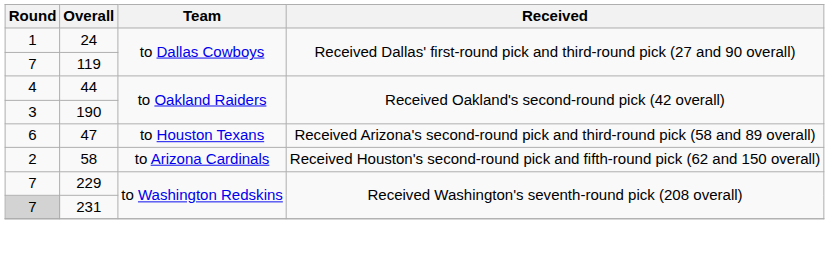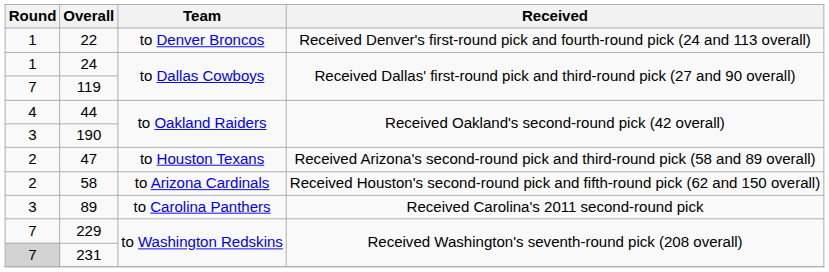 <table class="wikitable" style="text-align: center; margin-left: auto; margin-right: auto;">
 <tr>
 <th>Round</th>
 <th>Overall</th>
 <th>Team</th>
 <th>Received</th>
+</tr>
+<tr>
+<td>1</td>
+<td>22</td>
+<td>to <a href='#'>Denver Broncos</a></td>
+<td>Received Denver's first-round pick and fourth-round pick (24 and 113 overall)</td>
 </tr>
 <tr>
 <td>1</td>
 <td>24</td>
 <td rowspan="2">to <a href='#'>Dallas Cowboys</a></td>
 <td rowspan="2">Received Dallas' first-round pick and third-round pick (27 and 90 overall)</td>
 </tr>
 <tr>
 <td>7</td>
 <td>119</td>
 </tr>
 <tr>
 <td>4</td>
 <td>44</td>
 <td rowspan="2">to <a href='#'>Oakland Raiders</a></td>
 <td rowspan="2">Received Oakland's second-round pick (42 overall)</td>
 </tr>
 <tr>
 <td>3</td>
 <td>190</td>
 </tr>
 <tr>
-<td>6</td>
+<td>2</td>
 <td>47</td>
 <td>to <a href='#'>Houston Texans</a></td>
 <td>Received Arizona's second-round pick and third-round pick (58 and 89 overall)</td>
 </tr>
 <tr>
 <td>2</td>
 <td>58</td>
 <td>to <a href='#'>Arizona Cardinals</a></td>
 <td>Received Houston's second-round pick and fifth-round pick (62 and 150 overall)</td>
+</tr>
+<tr>
+<td>3</td>
+<td>89</td>
+<td>to <a href='#'>Carolina Panthers</a></td>
+<td>Received Carolina's 2011 second-round pick</td>
 </tr>
 <tr>
 <td>7</td>
 <td>229</td>
 <td rowspan="2">to <a href='#'>Washington Redskins</a></td>
 <td rowspan="2">Received Washington's seventh-round pick (208 overall)</td>
 </tr>
 <tr>
 <td style="background: lightgrey;">7</td>
 <td>231</td>
 </tr>
 <tr>
 </tr>
 </table>
